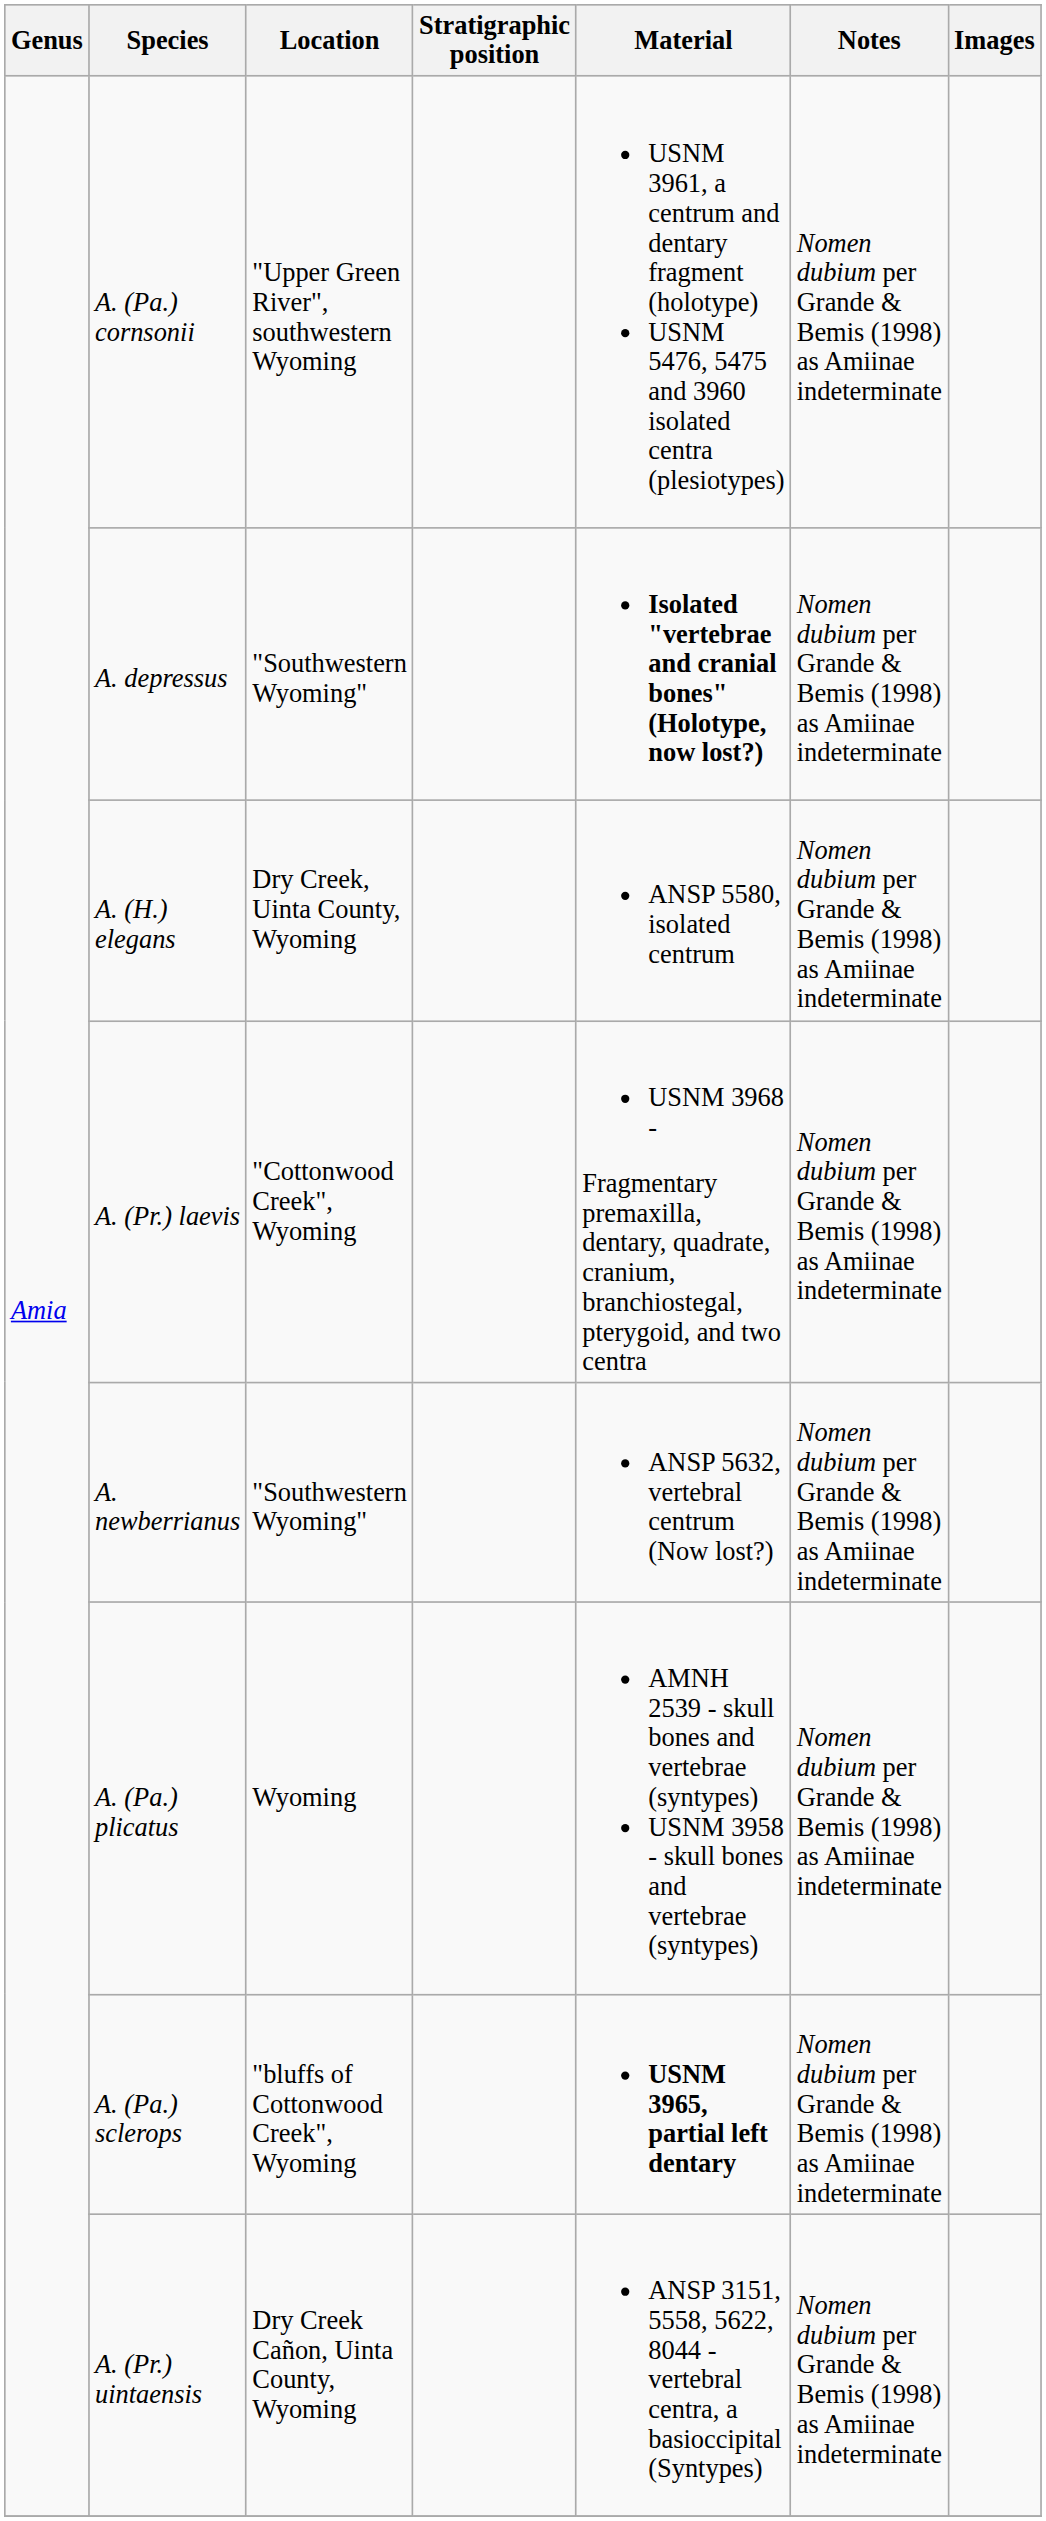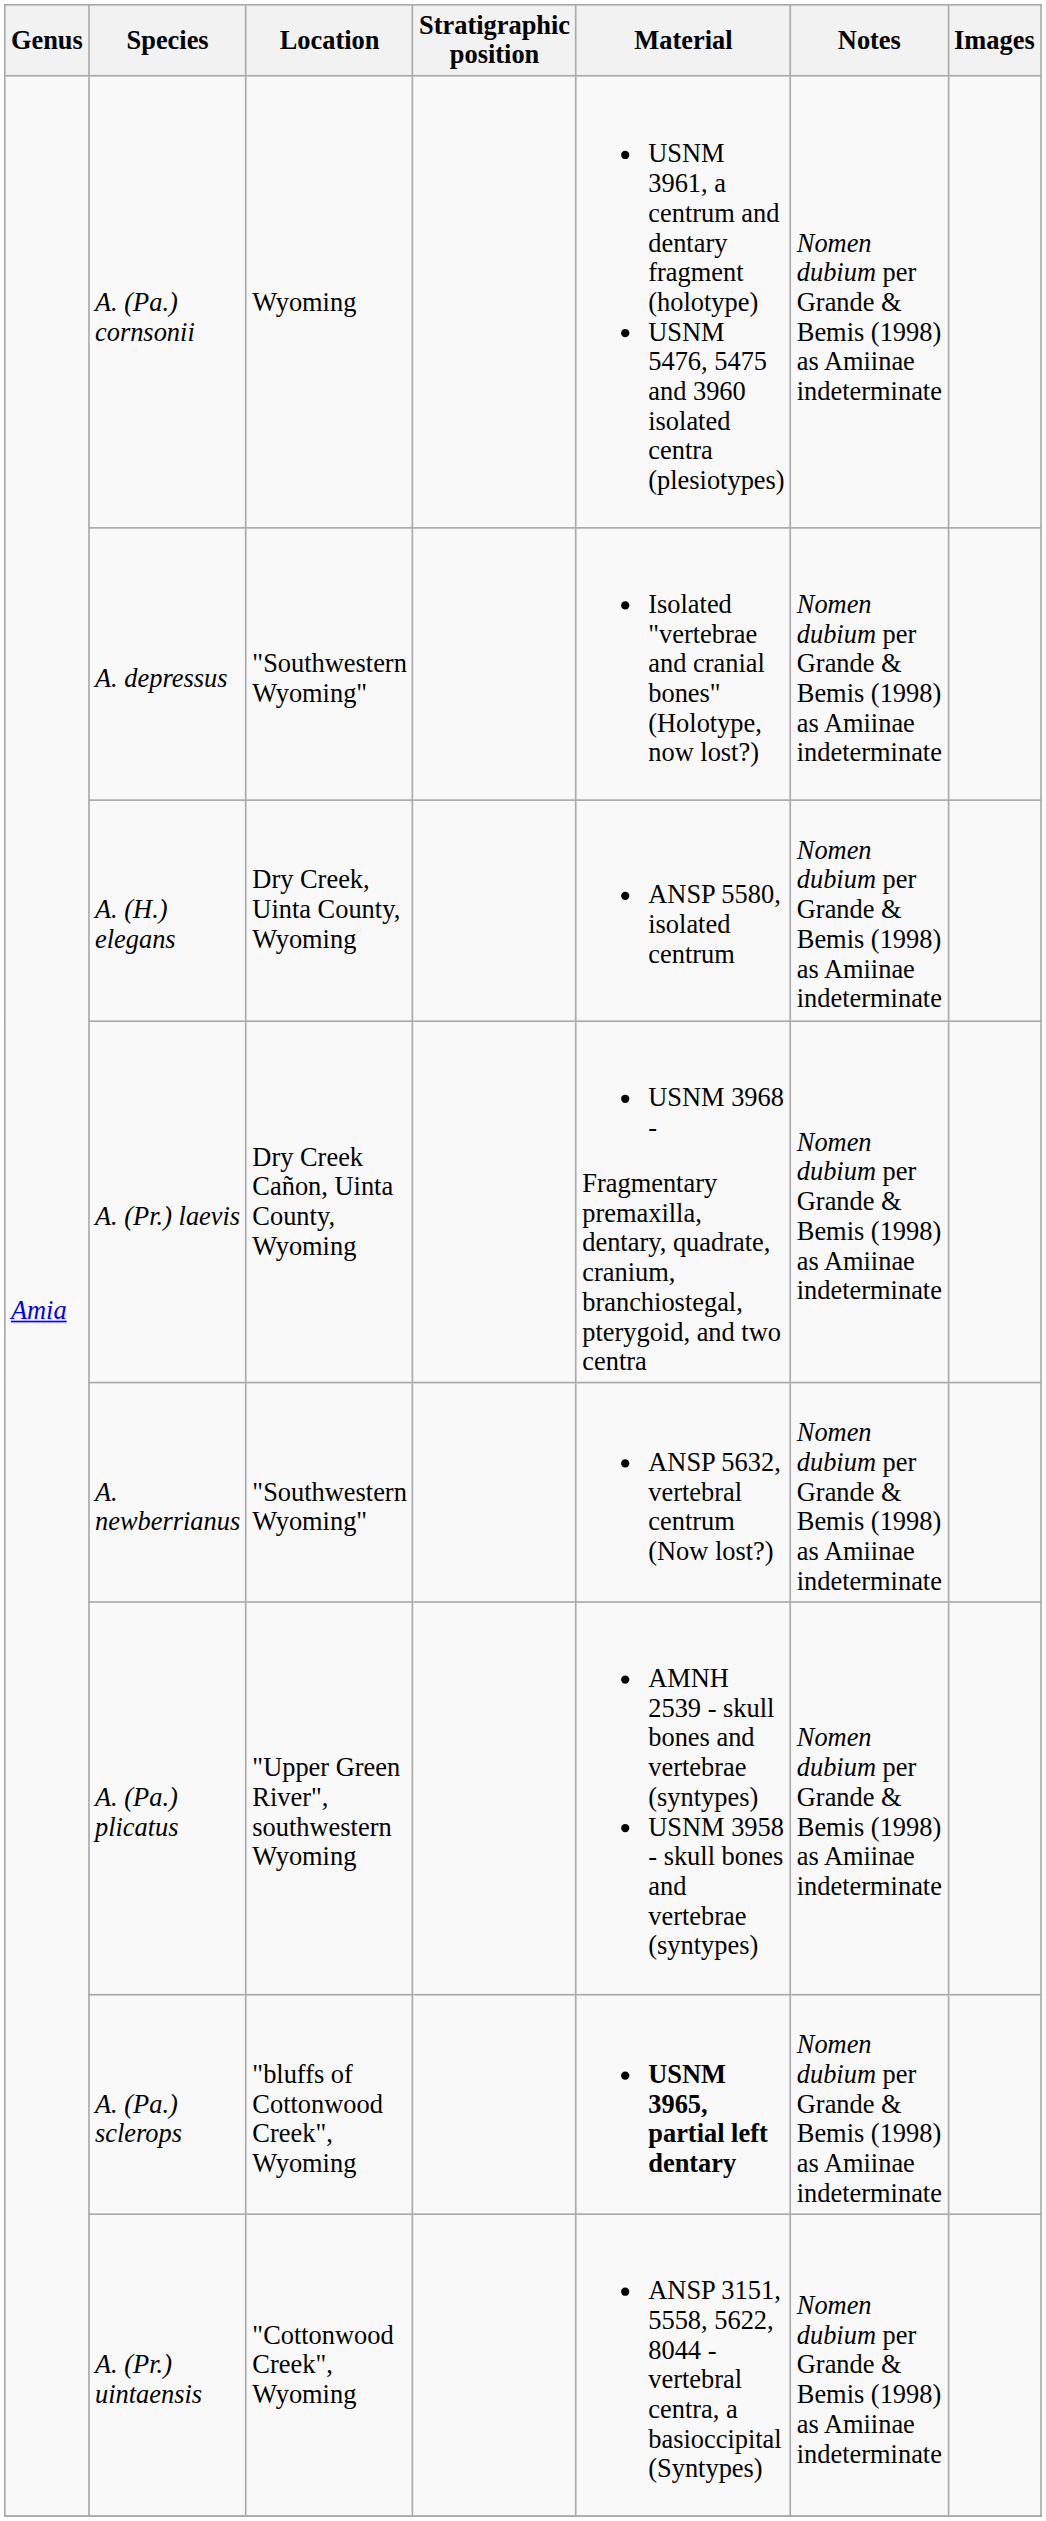 <table class="wikitable sortable mw-collapsible" style="margin:auto; width:100%">
 <tr>
 <th>Genus</th>
 <th>Species</th>
 <th>Location</th>
 <th>Stratigraphic position</th>
 <th>Material</th>
 <th>Notes</th>
 <th>Images</th>
 </tr>
 <tr>
 <td rowspan=8><br><em><a href='#'>Amia</a></em></td>
 <td><br><em>A. (Pa.) cornsonii</em></td>
-<td><br>"Upper Green River", southwestern Wyoming</td>
+<td>Wyoming</td>
 <td></td>
 <td><br><ul><li>USNM 3961, a centrum and dentary fragment (holotype)</li><li>USNM 5476, 5475 and 3960 isolated centra (plesiotypes)</li></ul></td>
 <td><br><em>Nomen dubium</em> per Grande & Bemis (1998) as Amiinae indeterminate</td>
 <td></td>
 </tr>
 <tr>
 <td><br><em>A. depressus</em></td>
 <td><br>"Southwestern Wyoming"</td>
 <td></td>
-<td><strong><br><ul><li>Isolated "vertebrae and cranial bones" (Holotype, now lost?)</li></ul></strong></td>
+<td><br><ul><li>Isolated "vertebrae and cranial bones" (Holotype, now lost?)</li></ul></td>
 <td><br><em>Nomen dubium</em> per Grande & Bemis (1998) as Amiinae indeterminate</td>
 <td></td>
 </tr>
 <tr>
 <td><br><em>A. (H.) elegans</em></td>
 <td>Dry Creek, Uinta County, Wyoming</td>
 <td></td>
 <td><br><ul><li>ANSP 5580, isolated centrum</li></ul></td>
 <td><br><em>Nomen dubium</em> per Grande & Bemis (1998) as Amiinae indeterminate</td>
 <td></td>
 </tr>
 <tr>
 <td><br><em>A. (Pr.) laevis</em></td>
-<td>"Cottonwood Creek", Wyoming</td>
+<td>Dry Creek Cañon, Uinta County, Wyoming</td>
 <td></td>
 <td><br><ul><li>USNM 3968 -</li></ul>Fragmentary premaxilla, dentary, quadrate, cranium, branchiostegal, pterygoid, and two centra</td>
 <td><br><em>Nomen dubium</em> per Grande & Bemis (1998) as Amiinae indeterminate</td>
 <td></td>
 </tr>
 <tr>
 <td><br><em>A. newberrianus</em></td>
 <td><br>"Southwestern Wyoming"</td>
 <td></td>
 <td><br><ul><li>ANSP 5632, vertebral centrum (Now lost?)</li></ul></td>
 <td><br><em>Nomen dubium</em> per Grande & Bemis (1998) as Amiinae indeterminate</td>
 <td></td>
 </tr>
 <tr>
 <td><br><em>A. (Pa.) plicatus</em></td>
-<td>Wyoming</td>
+<td><br>"Upper Green River", southwestern Wyoming</td>
 <td></td>
 <td><br><ul><li>AMNH 2539 - skull bones and vertebrae (syntypes)</li><li>USNM 3958 - skull bones and vertebrae (syntypes)</li></ul></td>
 <td><br><em>Nomen dubium</em> per Grande & Bemis (1998) as Amiinae indeterminate</td>
 <td></td>
 </tr>
 <tr>
 <td><br><em>A. (Pa.) sclerops</em></td>
 <td><br>"bluffs of Cottonwood Creek", Wyoming</td>
 <td></td>
 <td><strong><br><ul><li>USNM 3965, partial left dentary</li></ul></strong></td>
 <td><br><em>Nomen dubium</em> per Grande & Bemis (1998) as Amiinae indeterminate</td>
 <td></td>
 </tr>
 <tr>
 <td><br><em>A. (Pr.) uintaensis</em></td>
-<td>Dry Creek Cañon, Uinta County, Wyoming</td>
+<td>"Cottonwood Creek", Wyoming</td>
 <td></td>
 <td><br><ul><li>ANSP 3151, 5558, 5622, 8044 - vertebral centra, a basioccipital (Syntypes)</li></ul></td>
 <td><br><em>Nomen dubium</em> per Grande & Bemis (1998) as Amiinae indeterminate</td>
 <td></td>
 </tr>
 <tr>
 </tr>
 </table>
